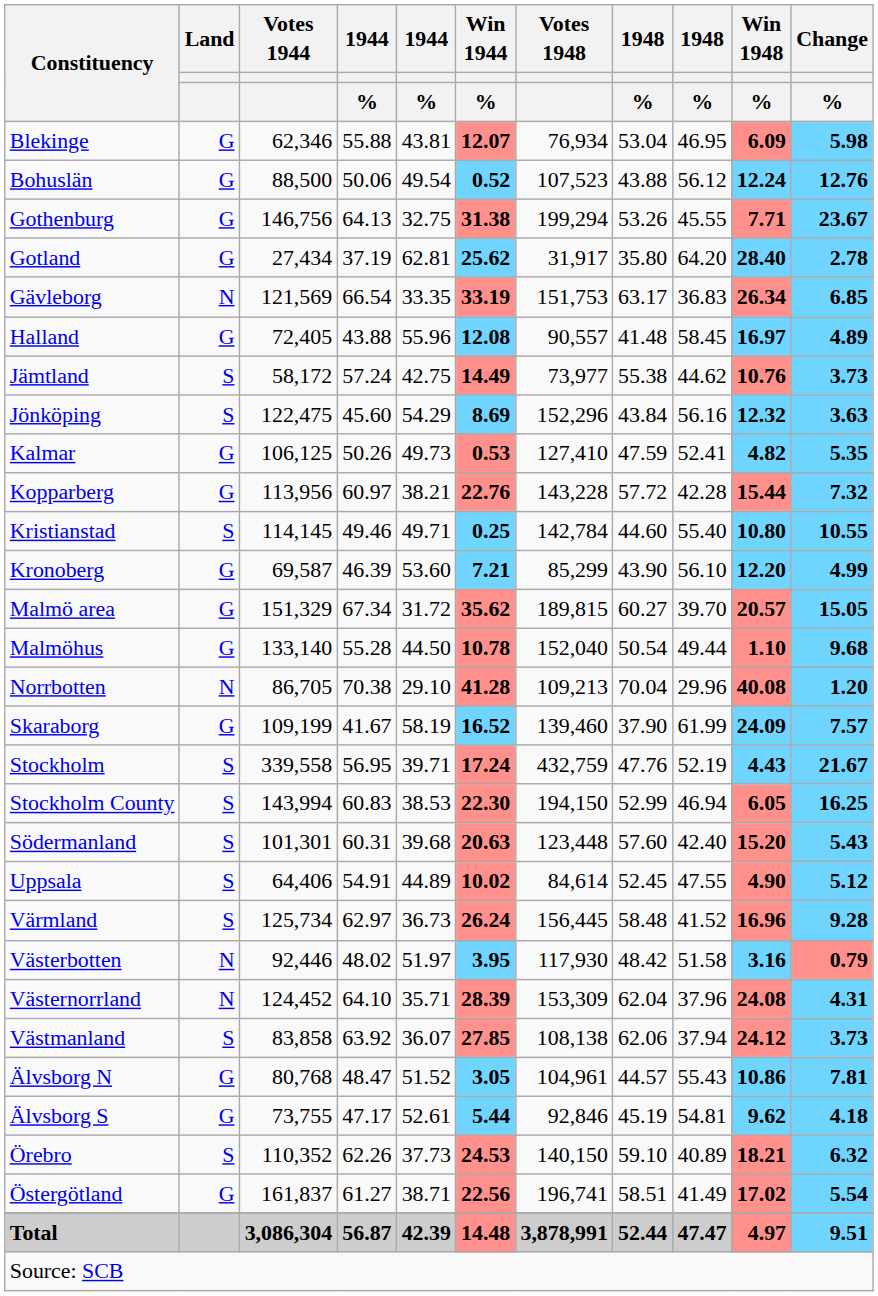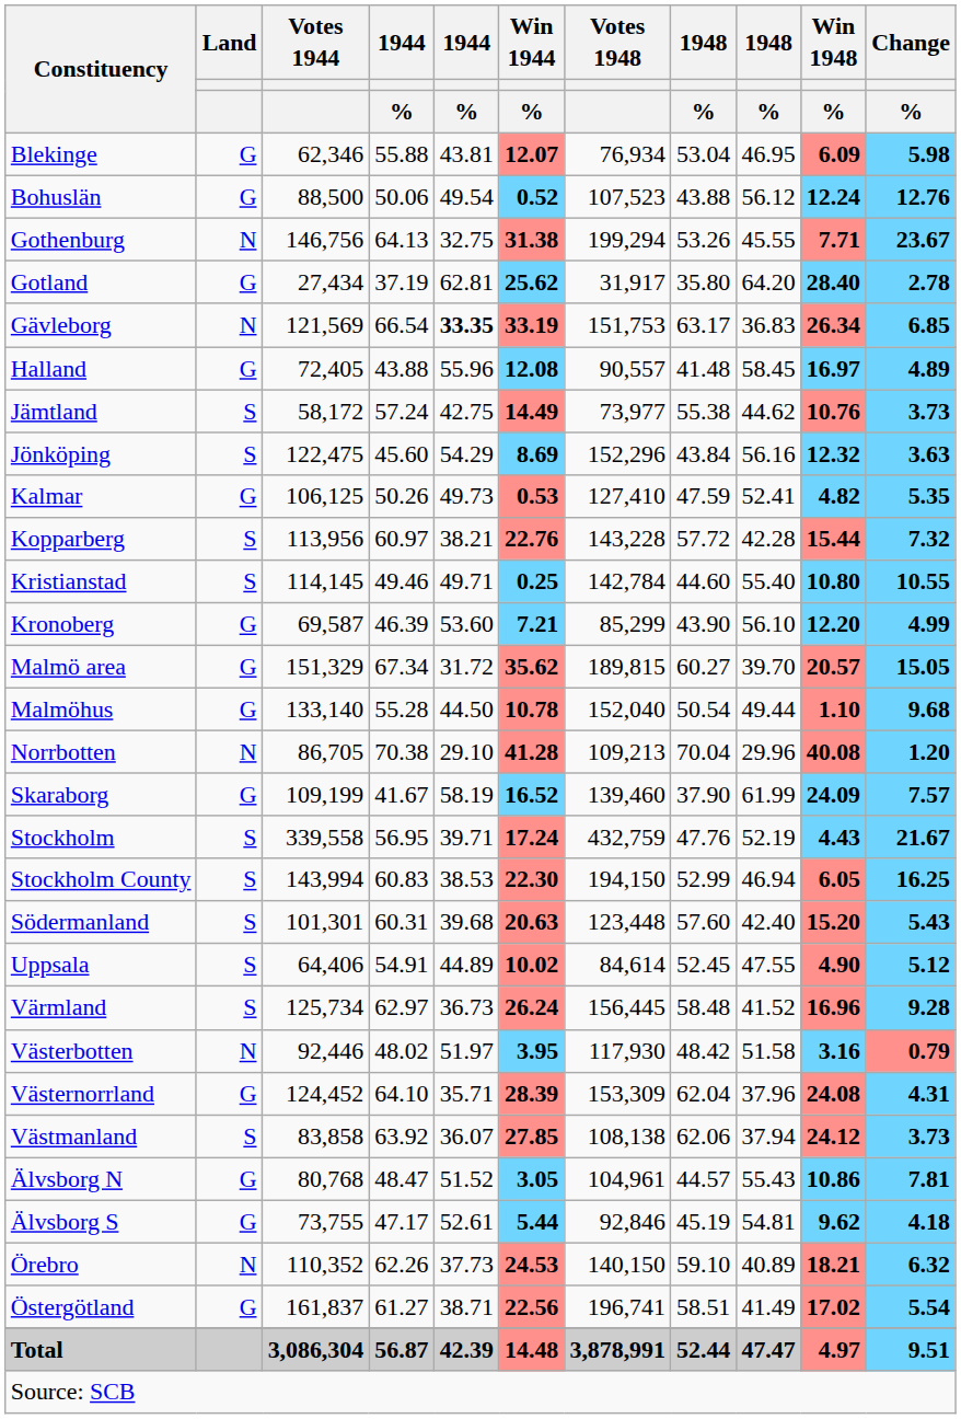 <table class="wikitable sortable" style="text-align:right; font-size:95%; line-height:20px;">
 <tr>
 <th rowspan="3">Constituency</th>
 <th>Land</th>
 <th width="30px" class="unsortable">Votes 1944</th>
 <th> 1944</th>
 <th> 1944</th>
 <th width="30px" class="unsortable">Win 1944</th>
 <th width="30px" class="unsortable">Votes 1948</th>
 <th> 1948</th>
 <th> 1948</th>
 <th width="30px" class="unsortable">Win 1948</th>
 <th width="30px" class="unsortable">Change</th>
 </tr>
 <tr>
 <th></th>
 <th></th>
 <th style="background:"></th>
 <th style="background:"></th>
 <th></th>
 <th></th>
 <th style="background:"></th>
 <th style="background:"></th>
 <th></th>
 <th></th>
 </tr>
 <tr>
 <th data-sort-type="number"></th>
 <th data-sort-type="number"></th>
 <th data-sort-type="number">%</th>
 <th data-sort-type="number">%</th>
 <th data-sort-type="number">%</th>
 <th data-sort-type="number"></th>
 <th data-sort-type="number">%</th>
 <th data-sort-type="number">%</th>
 <th data-sort-type="number">%</th>
 <th data-sort-type="number">%</th>
 </tr>
 <tr>
 <td align="left"><a href='#'>Blekinge</a></td>
 <td><a href='#'>G</a></td>
 <td>62,346</td>
 <td>55.88</td>
 <td>43.81</td>
 <td bgcolor=#ff908c><strong>12.07</strong></td>
 <td>76,934</td>
 <td>53.04</td>
 <td>46.95</td>
 <td bgcolor=#ff908c><strong>6.09</strong></td>
 <td bgcolor=#6fd5fe><strong>5.98</strong></td>
 </tr>
 <tr>
 <td align="left"><a href='#'>Bohuslän</a></td>
 <td><a href='#'>G</a></td>
 <td>88,500</td>
 <td>50.06</td>
 <td>49.54</td>
 <td bgcolor=#6fd5fe><strong>0.52</strong></td>
 <td>107,523</td>
 <td>43.88</td>
 <td>56.12</td>
 <td bgcolor=#6fd5fe><strong>12.24</strong></td>
 <td bgcolor=#6fd5fe><strong>12.76</strong></td>
 </tr>
 <tr>
 <td align="left"><a href='#'>Gothenburg</a></td>
-<td><a href='#'>G</a></td>
+<td><a href='#'>N</a></td>
 <td>146,756</td>
 <td>64.13</td>
 <td>32.75</td>
 <td bgcolor=#ff908c><strong>31.38</strong></td>
 <td>199,294</td>
 <td>53.26</td>
 <td>45.55</td>
 <td bgcolor=#ff908c><strong>7.71</strong></td>
 <td bgcolor=#6fd5fe><strong>23.67</strong></td>
 </tr>
 <tr>
 <td align="left"><a href='#'>Gotland</a></td>
 <td><a href='#'>G</a></td>
 <td>27,434</td>
 <td>37.19</td>
 <td>62.81</td>
 <td bgcolor=#6fd5fe><strong>25.62</strong></td>
 <td>31,917</td>
 <td>35.80</td>
 <td>64.20</td>
 <td bgcolor=#6fd5fe><strong>28.40</strong></td>
 <td bgcolor=#6fd5fe><strong>2.78</strong></td>
 </tr>
 <tr>
 <td align="left"><a href='#'>Gävleborg</a></td>
 <td><a href='#'>N</a></td>
 <td>121,569</td>
 <td>66.54</td>
-<td>33.35</td>
+<td><strong>33.35</strong></td>
 <td bgcolor=#ff908c><strong>33.19</strong></td>
 <td>151,753</td>
 <td>63.17</td>
 <td>36.83</td>
 <td bgcolor=#ff908c><strong>26.34</strong></td>
 <td bgcolor=#6fd5fe><strong>6.85</strong></td>
 </tr>
 <tr>
 <td align="left"><a href='#'>Halland</a></td>
 <td><a href='#'>G</a></td>
 <td>72,405</td>
 <td>43.88</td>
 <td>55.96</td>
 <td bgcolor=#6fd5fe><strong>12.08</strong></td>
 <td>90,557</td>
 <td>41.48</td>
 <td>58.45</td>
 <td bgcolor=#6fd5fe><strong>16.97</strong></td>
 <td bgcolor=#6fd5fe><strong>4.89</strong></td>
 </tr>
 <tr>
 <td align="left"><a href='#'>Jämtland</a></td>
 <td><a href='#'>S</a></td>
 <td>58,172</td>
 <td>57.24</td>
 <td>42.75</td>
 <td bgcolor=#ff908c><strong>14.49</strong></td>
 <td>73,977</td>
 <td>55.38</td>
 <td>44.62</td>
 <td bgcolor=#ff908c><strong>10.76</strong></td>
 <td bgcolor=#6fd5fe><strong>3.73</strong></td>
 </tr>
 <tr>
 <td align="left"><a href='#'>Jönköping</a></td>
 <td><a href='#'>S</a></td>
 <td>122,475</td>
 <td>45.60</td>
 <td>54.29</td>
 <td bgcolor=#6fd5fe><strong>8.69</strong></td>
 <td>152,296</td>
 <td>43.84</td>
 <td>56.16</td>
 <td bgcolor=#6fd5fe><strong>12.32</strong></td>
 <td bgcolor=#6fd5fe><strong>3.63</strong></td>
 </tr>
 <tr>
 <td align="left"><a href='#'>Kalmar</a></td>
 <td><a href='#'>G</a></td>
 <td>106,125</td>
 <td>50.26</td>
 <td>49.73</td>
 <td bgcolor=#ff908c><strong>0.53</strong></td>
 <td>127,410</td>
 <td>47.59</td>
 <td>52.41</td>
 <td bgcolor=#6fd5fe><strong>4.82</strong></td>
 <td bgcolor=#6fd5fe><strong>5.35</strong></td>
 </tr>
 <tr>
 <td align="left"><a href='#'>Kopparberg</a></td>
-<td><a href='#'>G</a></td>
+<td><a href='#'>S</a></td>
 <td>113,956</td>
 <td>60.97</td>
 <td>38.21</td>
 <td bgcolor=#ff908c><strong>22.76</strong></td>
 <td>143,228</td>
 <td>57.72</td>
 <td>42.28</td>
 <td bgcolor=#ff908c><strong>15.44</strong></td>
 <td bgcolor=#6fd5fe><strong>7.32</strong></td>
 </tr>
 <tr>
 <td align="left"><a href='#'>Kristianstad</a></td>
 <td><a href='#'>S</a></td>
 <td>114,145</td>
 <td>49.46</td>
 <td>49.71</td>
 <td bgcolor=#6fd5fe><strong>0.25</strong></td>
 <td>142,784</td>
 <td>44.60</td>
 <td>55.40</td>
 <td bgcolor=#6fd5fe><strong>10.80</strong></td>
 <td bgcolor=#6fd5fe><strong>10.55</strong></td>
 </tr>
 <tr>
 <td align="left"><a href='#'>Kronoberg</a></td>
 <td><a href='#'>G</a></td>
 <td>69,587</td>
 <td>46.39</td>
 <td>53.60</td>
 <td bgcolor=#6fd5fe><strong>7.21</strong></td>
 <td>85,299</td>
 <td>43.90</td>
 <td>56.10</td>
 <td bgcolor=#6fd5fe><strong>12.20</strong></td>
 <td bgcolor=#6fd5fe><strong>4.99</strong></td>
 </tr>
 <tr>
 <td align="left"><a href='#'>Malmö area</a></td>
 <td><a href='#'>G</a></td>
 <td>151,329</td>
 <td>67.34</td>
 <td>31.72</td>
 <td bgcolor=#ff908c><strong>35.62</strong></td>
 <td>189,815</td>
 <td>60.27</td>
 <td>39.70</td>
 <td bgcolor=#ff908c><strong>20.57</strong></td>
 <td bgcolor=#6fd5fe><strong>15.05</strong></td>
 </tr>
 <tr>
 <td align="left"><a href='#'>Malmöhus</a></td>
 <td><a href='#'>G</a></td>
 <td>133,140</td>
 <td>55.28</td>
 <td>44.50</td>
 <td bgcolor=#ff908c><strong>10.78</strong></td>
 <td>152,040</td>
 <td>50.54</td>
 <td>49.44</td>
 <td bgcolor=#ff908c><strong>1.10</strong></td>
 <td bgcolor=#6fd5fe><strong>9.68</strong></td>
 </tr>
 <tr>
 <td align="left"><a href='#'>Norrbotten</a></td>
 <td><a href='#'>N</a></td>
 <td>86,705</td>
 <td>70.38</td>
 <td>29.10</td>
 <td bgcolor=#ff908c><strong>41.28</strong></td>
 <td>109,213</td>
 <td>70.04</td>
 <td>29.96</td>
 <td bgcolor=#ff908c><strong>40.08</strong></td>
 <td bgcolor=#6fd5fe><strong>1.20</strong></td>
 </tr>
 <tr>
 <td align="left"><a href='#'>Skaraborg</a></td>
 <td><a href='#'>G</a></td>
 <td>109,199</td>
 <td>41.67</td>
 <td>58.19</td>
 <td bgcolor=#6fd5fe><strong>16.52</strong></td>
 <td>139,460</td>
 <td>37.90</td>
 <td>61.99</td>
 <td bgcolor=#6fd5fe><strong>24.09</strong></td>
 <td bgcolor=#6fd5fe><strong>7.57</strong></td>
 </tr>
 <tr>
 <td align="left"><a href='#'>Stockholm</a></td>
 <td><a href='#'>S</a></td>
 <td>339,558</td>
 <td>56.95</td>
 <td>39.71</td>
 <td bgcolor=#ff908c><strong>17.24</strong></td>
 <td>432,759</td>
 <td>47.76</td>
 <td>52.19</td>
 <td bgcolor=#6fd5fe><strong>4.43</strong></td>
 <td bgcolor=#6fd5fe><strong>21.67</strong></td>
 </tr>
 <tr>
 <td align="left"><a href='#'>Stockholm County</a></td>
 <td><a href='#'>S</a></td>
 <td>143,994</td>
 <td>60.83</td>
 <td>38.53</td>
 <td bgcolor=#ff908c><strong>22.30</strong></td>
 <td>194,150</td>
 <td>52.99</td>
 <td>46.94</td>
 <td bgcolor=#ff908c><strong>6.05</strong></td>
 <td bgcolor=#6fd5fe><strong>16.25</strong></td>
 </tr>
 <tr>
 <td align="left"><a href='#'>Södermanland</a></td>
 <td><a href='#'>S</a></td>
 <td>101,301</td>
 <td>60.31</td>
 <td>39.68</td>
 <td bgcolor=#ff908c><strong>20.63</strong></td>
 <td>123,448</td>
 <td>57.60</td>
 <td>42.40</td>
 <td bgcolor=#ff908c><strong>15.20</strong></td>
 <td bgcolor=#6fd5fe><strong>5.43</strong></td>
 </tr>
 <tr>
 <td align="left"><a href='#'>Uppsala</a></td>
 <td><a href='#'>S</a></td>
 <td>64,406</td>
 <td>54.91</td>
 <td>44.89</td>
 <td bgcolor=#ff908c><strong>10.02</strong></td>
 <td>84,614</td>
 <td>52.45</td>
 <td>47.55</td>
 <td bgcolor=#ff908c><strong>4.90</strong></td>
 <td bgcolor=#6fd5fe><strong>5.12</strong></td>
 </tr>
 <tr>
 <td align="left"><a href='#'>Värmland</a></td>
 <td><a href='#'>S</a></td>
 <td>125,734</td>
 <td>62.97</td>
 <td>36.73</td>
 <td bgcolor=#ff908c><strong>26.24</strong></td>
 <td>156,445</td>
 <td>58.48</td>
 <td>41.52</td>
 <td bgcolor=#ff908c><strong>16.96</strong></td>
 <td bgcolor=#6fd5fe><strong>9.28</strong></td>
 </tr>
 <tr>
 <td align="left"><a href='#'>Västerbotten</a></td>
 <td><a href='#'>N</a></td>
 <td>92,446</td>
 <td>48.02</td>
 <td>51.97</td>
 <td bgcolor=#6fd5fe><strong>3.95</strong></td>
 <td>117,930</td>
 <td>48.42</td>
 <td>51.58</td>
 <td bgcolor=#6fd5fe><strong>3.16</strong></td>
 <td bgcolor=#ff908c><strong>0.79</strong></td>
 </tr>
 <tr>
 <td align="left"><a href='#'>Västernorrland</a></td>
-<td><a href='#'>N</a></td>
+<td><a href='#'>G</a></td>
 <td>124,452</td>
 <td>64.10</td>
 <td>35.71</td>
 <td bgcolor=#ff908c><strong>28.39</strong></td>
 <td>153,309</td>
 <td>62.04</td>
 <td>37.96</td>
 <td bgcolor=#ff908c><strong>24.08</strong></td>
 <td bgcolor=#6fd5fe><strong>4.31</strong></td>
 </tr>
 <tr>
 <td align="left"><a href='#'>Västmanland</a></td>
 <td><a href='#'>S</a></td>
 <td>83,858</td>
 <td>63.92</td>
 <td>36.07</td>
 <td bgcolor=#ff908c><strong>27.85</strong></td>
 <td>108,138</td>
 <td>62.06</td>
 <td>37.94</td>
 <td bgcolor=#ff908c><strong>24.12</strong></td>
 <td bgcolor=#6fd5fe><strong>3.73</strong></td>
 </tr>
 <tr>
 <td align="left"><a href='#'>Älvsborg N</a></td>
 <td><a href='#'>G</a></td>
 <td>80,768</td>
 <td>48.47</td>
 <td>51.52</td>
 <td bgcolor=#6fd5fe><strong>3.05</strong></td>
 <td>104,961</td>
 <td>44.57</td>
 <td>55.43</td>
 <td bgcolor=#6fd5fe><strong>10.86</strong></td>
 <td bgcolor=#6fd5fe><strong>7.81</strong></td>
 </tr>
 <tr>
 <td align="left"><a href='#'>Älvsborg S</a></td>
 <td><a href='#'>G</a></td>
 <td>73,755</td>
 <td>47.17</td>
 <td>52.61</td>
 <td bgcolor=#6fd5fe><strong>5.44</strong></td>
 <td>92,846</td>
 <td>45.19</td>
 <td>54.81</td>
 <td bgcolor=#6fd5fe><strong>9.62</strong></td>
 <td bgcolor=#6fd5fe><strong>4.18</strong></td>
 </tr>
 <tr>
 <td align="left"><a href='#'>Örebro</a></td>
-<td><a href='#'>S</a></td>
+<td><a href='#'>N</a></td>
 <td>110,352</td>
 <td>62.26</td>
 <td>37.73</td>
 <td bgcolor=#ff908c><strong>24.53</strong></td>
 <td>140,150</td>
 <td>59.10</td>
 <td>40.89</td>
 <td bgcolor=#ff908c><strong>18.21</strong></td>
 <td bgcolor=#6fd5fe><strong>6.32</strong></td>
 </tr>
 <tr>
 <td align="left"><a href='#'>Östergötland</a></td>
 <td><a href='#'>G</a></td>
 <td>161,837</td>
 <td>61.27</td>
 <td>38.71</td>
 <td bgcolor=#ff908c><strong>22.56</strong></td>
 <td>196,741</td>
 <td>58.51</td>
 <td>41.49</td>
 <td bgcolor=#ff908c><strong>17.02</strong></td>
 <td bgcolor=#6fd5fe><strong>5.54</strong></td>
 </tr>
 <tr>
 </tr>
 <tr style="background:#CDCDCD;">
 <td align="left"><strong>Total</strong></td>
 <td></td>
 <td><strong>3,086,304</strong></td>
 <td><strong>56.87</strong></td>
 <td><strong>42.39</strong></td>
 <td bgcolor=#ff908c><strong>14.48</strong></td>
 <td><strong>3,878,991</strong></td>
 <td><strong>52.44</strong></td>
 <td><strong>47.47</strong></td>
 <td bgcolor=#ff908c><strong>4.97</strong></td>
 <td bgcolor=#6fd5fe><strong>9.51</strong></td>
 </tr>
 <tr>
 <td colspan="11" align="left">Source: <a href='#'>SCB</a></td>
 </tr>
 </table>
